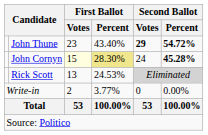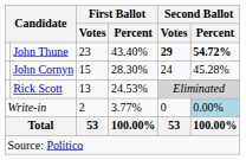 <table class="wikitable" style="font-size: align=left">
 <tr>
 <th rowspan=2 colspan=2>Candidate</th>
 <th colspan=2>First Ballot</th>
 <th colspan=2>Second Ballot</th>
 </tr>
 <tr>
 <th>Votes</th>
 <th>Percent</th>
 <th>Votes</th>
 <th>Percent</th>
 </tr>
 <tr>
 <td bgcolor=></td>
 <td><a href='#'>John Thune</a></td>
 <td>23</td>
 <td>43.40%</td>
 <td><strong>29</strong></td>
 <td><strong>54.72%</strong></td>
 </tr>
 <tr>
 <td bgcolor=></td>
 <td><a href='#'>John Cornyn</a></td>
-<td style="background: lightyellow;">15</td>
-<td style="background: khaki;">28.30%</td>
+<td>15</td>
+<td>28.30%</td>
 <td>24</td>
-<td><strong>45.28%</strong></td>
+<td>45.28%</td>
 </tr>
 <tr>
 <td bgcolor=></td>
 <td><a href='#'>Rick Scott</a></td>
 <td>13</td>
 <td>24.53%</td>
 <td colspan=2 style="background:lightgrey; text-align:center"><em>Eliminated</em></td>
 </tr>
 <tr>
 <td colspan=2><em>Write-in</em></td>
 <td>2</td>
 <td>3.77%</td>
 <td>0</td>
-<td>0.00%</td>
+<td style="background: lightblue;">0.00%</td>
 </tr>
 <tr>
 <th colspan=2>Total</th>
 <th>53</th>
 <th>100.00%</th>
 <th>53</th>
 <th>100.00%</th>
 </tr>
 <tr>
 <td colspan=6>Source: <a href='#'>Politico</a></td>
 </tr>
 </table>
